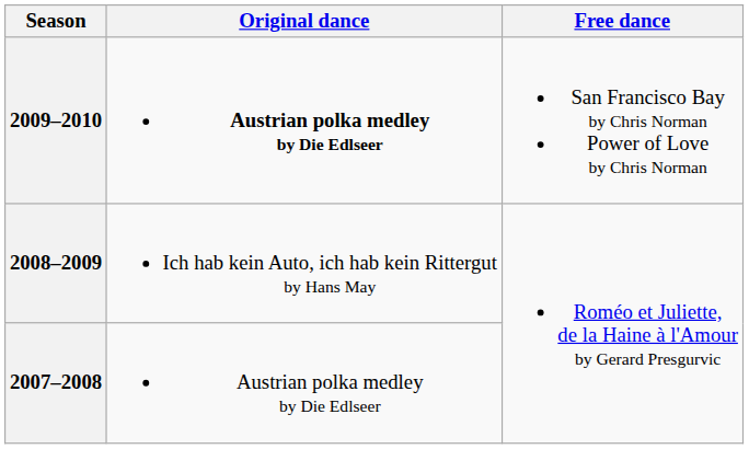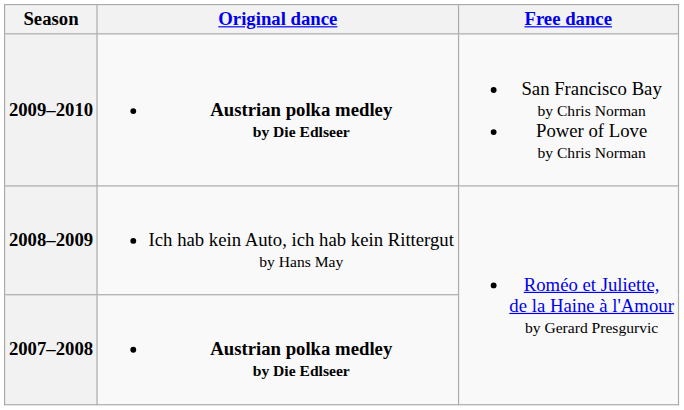 <table class=wikitable style=text-align:center>
 <tr>
 <th>Season</th>
 <th><a href='#'>Original dance</a></th>
 <th><a href='#'>Free dance</a></th>
 </tr>
 <tr>
 <th>2009–2010 <br> </th>
 <td><strong><br><ul><li>Austrian polka medley <br><small> by Die Edlseer </small></li></ul></strong></td>
 <td><br><ul><li>San Francisco Bay <br><small> by Chris Norman </small></li><li>Power of Love <br><small> by Chris Norman </small></li></ul></td>
 </tr>
 <tr>
 <th>2008–2009 <br> </th>
 <td><br><ul><li>Ich hab kein Auto, ich hab kein Rittergut <br><small> by Hans May </small></li></ul></td>
 <td rowspan=2><br><ul><li><a href='#'>Roméo et Juliette, <br> de la Haine à l'Amour</a> <br><small> by Gerard Presgurvic </small></li></ul></td>
 </tr>
 <tr>
 <th>2007–2008 <br> </th>
-<td><br><ul><li>Austrian polka medley <br><small> by Die Edlseer </small></li></ul></td>
+<td><strong><br><ul><li>Austrian polka medley <br><small> by Die Edlseer </small></li></ul></strong></td>
 </tr>
 </table>
